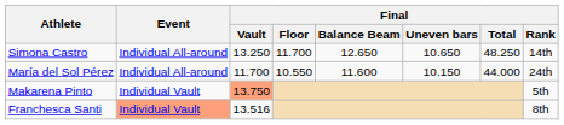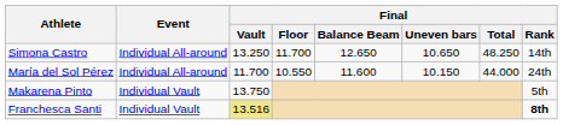 <table class="wikitable" style="font-size:90%">
 <tr>
 <th rowspan="2">Athlete</th>
 <th rowspan="2">Event</th>
 <th colspan = "6">Final</th>
 </tr>
 <tr>
 <th>Vault</th>
 <th>Floor</th>
 <th>Balance Beam</th>
 <th>Uneven bars</th>
 <th>Total</th>
 <th>Rank</th>
 </tr>
 <tr>
 <td><a href='#'>Simona Castro</a></td>
 <td><a href='#'>Individual All-around</a></td>
 <td align=center>13.250</td>
 <td align=center>11.700</td>
 <td align=center>12.650</td>
 <td align=center>10.650</td>
 <td align=center>48.250</td>
 <td align=center>14th</td>
 </tr>
 <tr>
 <td><a href='#'>María del Sol Pérez</a></td>
 <td><a href='#'>Individual All-around</a></td>
 <td align=center>11.700</td>
 <td align=center>10.550</td>
 <td align=center>11.600</td>
 <td align=center>10.150</td>
 <td align=center>44.000</td>
 <td align=center>24th</td>
 </tr>
 <tr>
 <td><a href='#'>Makarena Pinto</a></td>
 <td><a href='#'>Individual Vault</a></td>
-<td align=center style="background: lightsalmon;">13.750</td>
+<td align=center>13.750</td>
 <td align=center colspan=4 bgcolor=wheat></td>
 <td align=center>5th</td>
 </tr>
 <tr>
 <td><a href='#'>Franchesca Santi</a></td>
-<td style="background: lightsalmon;"><a href='#'>Individual Vault</a></td>
-<td align=center>13.516</td>
+<td><a href='#'>Individual Vault</a></td>
+<td align=center style="background: khaki;">13.516</td>
 <td align=center colspan=4 bgcolor=wheat></td>
-<td align=center>8th</td>
+<td align=center><strong>8th</strong></td>
 </tr>
 </table>
